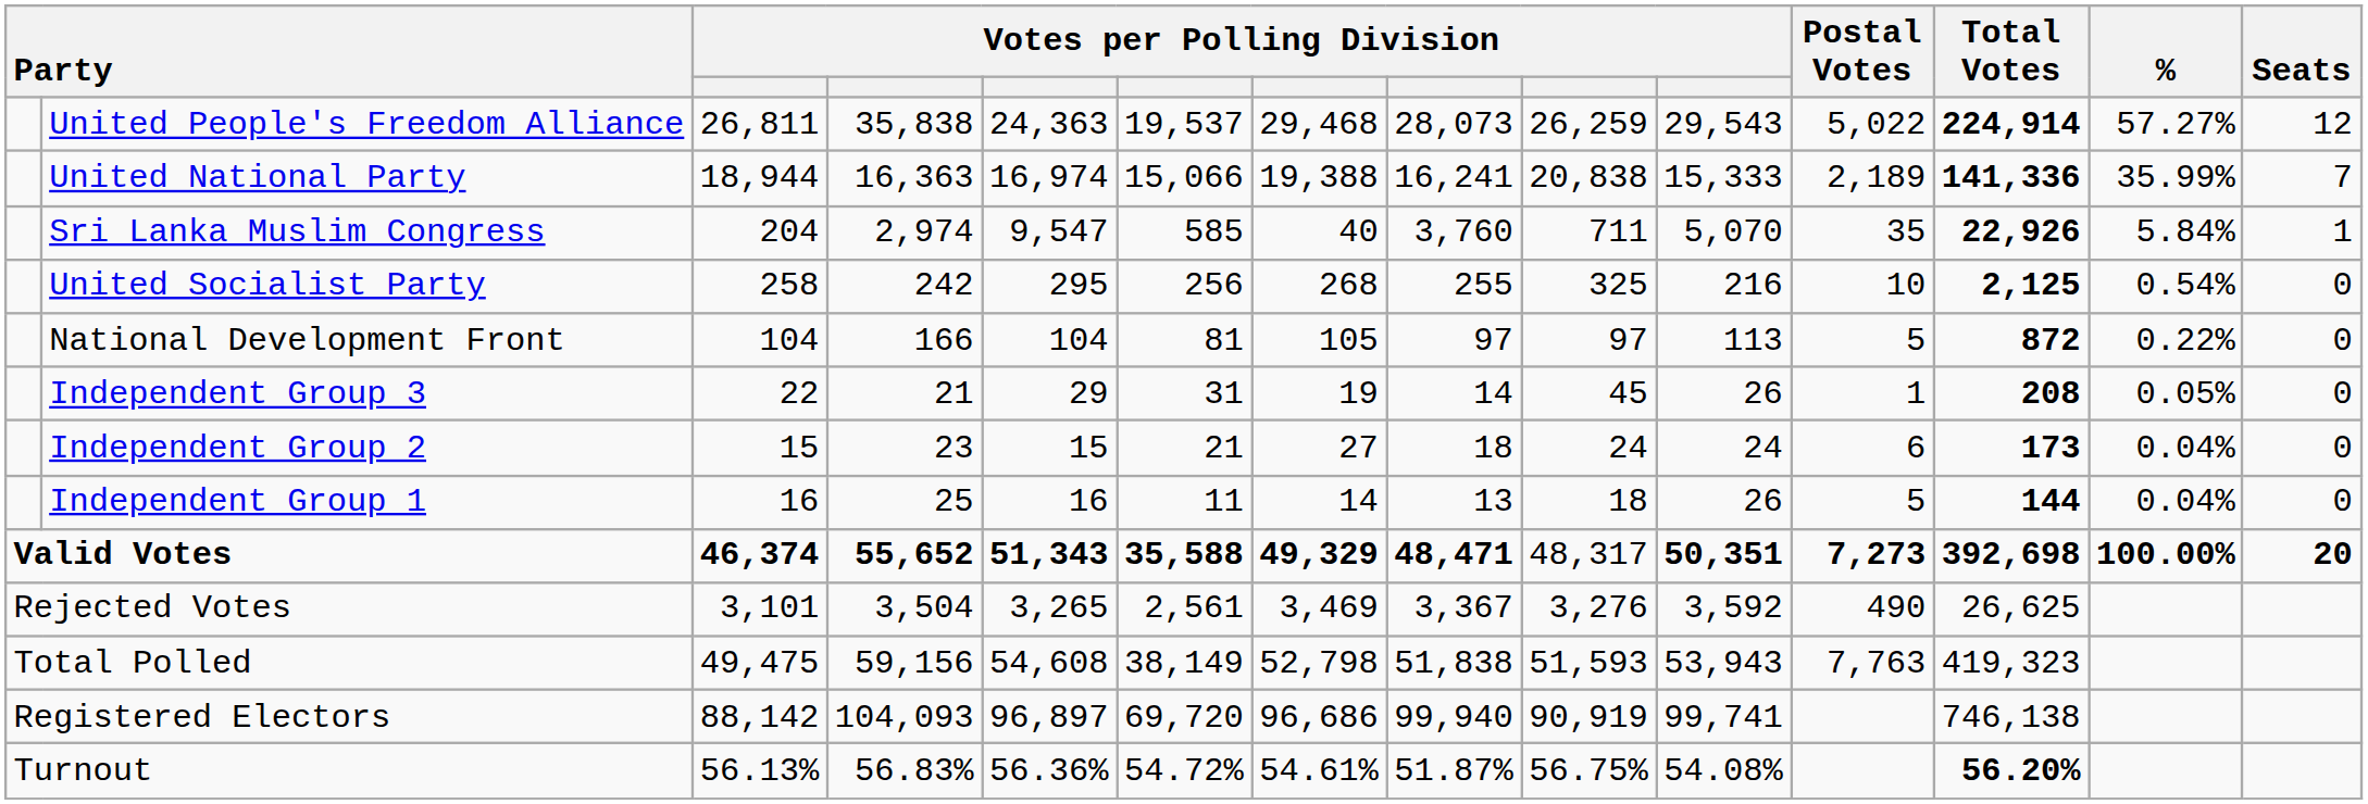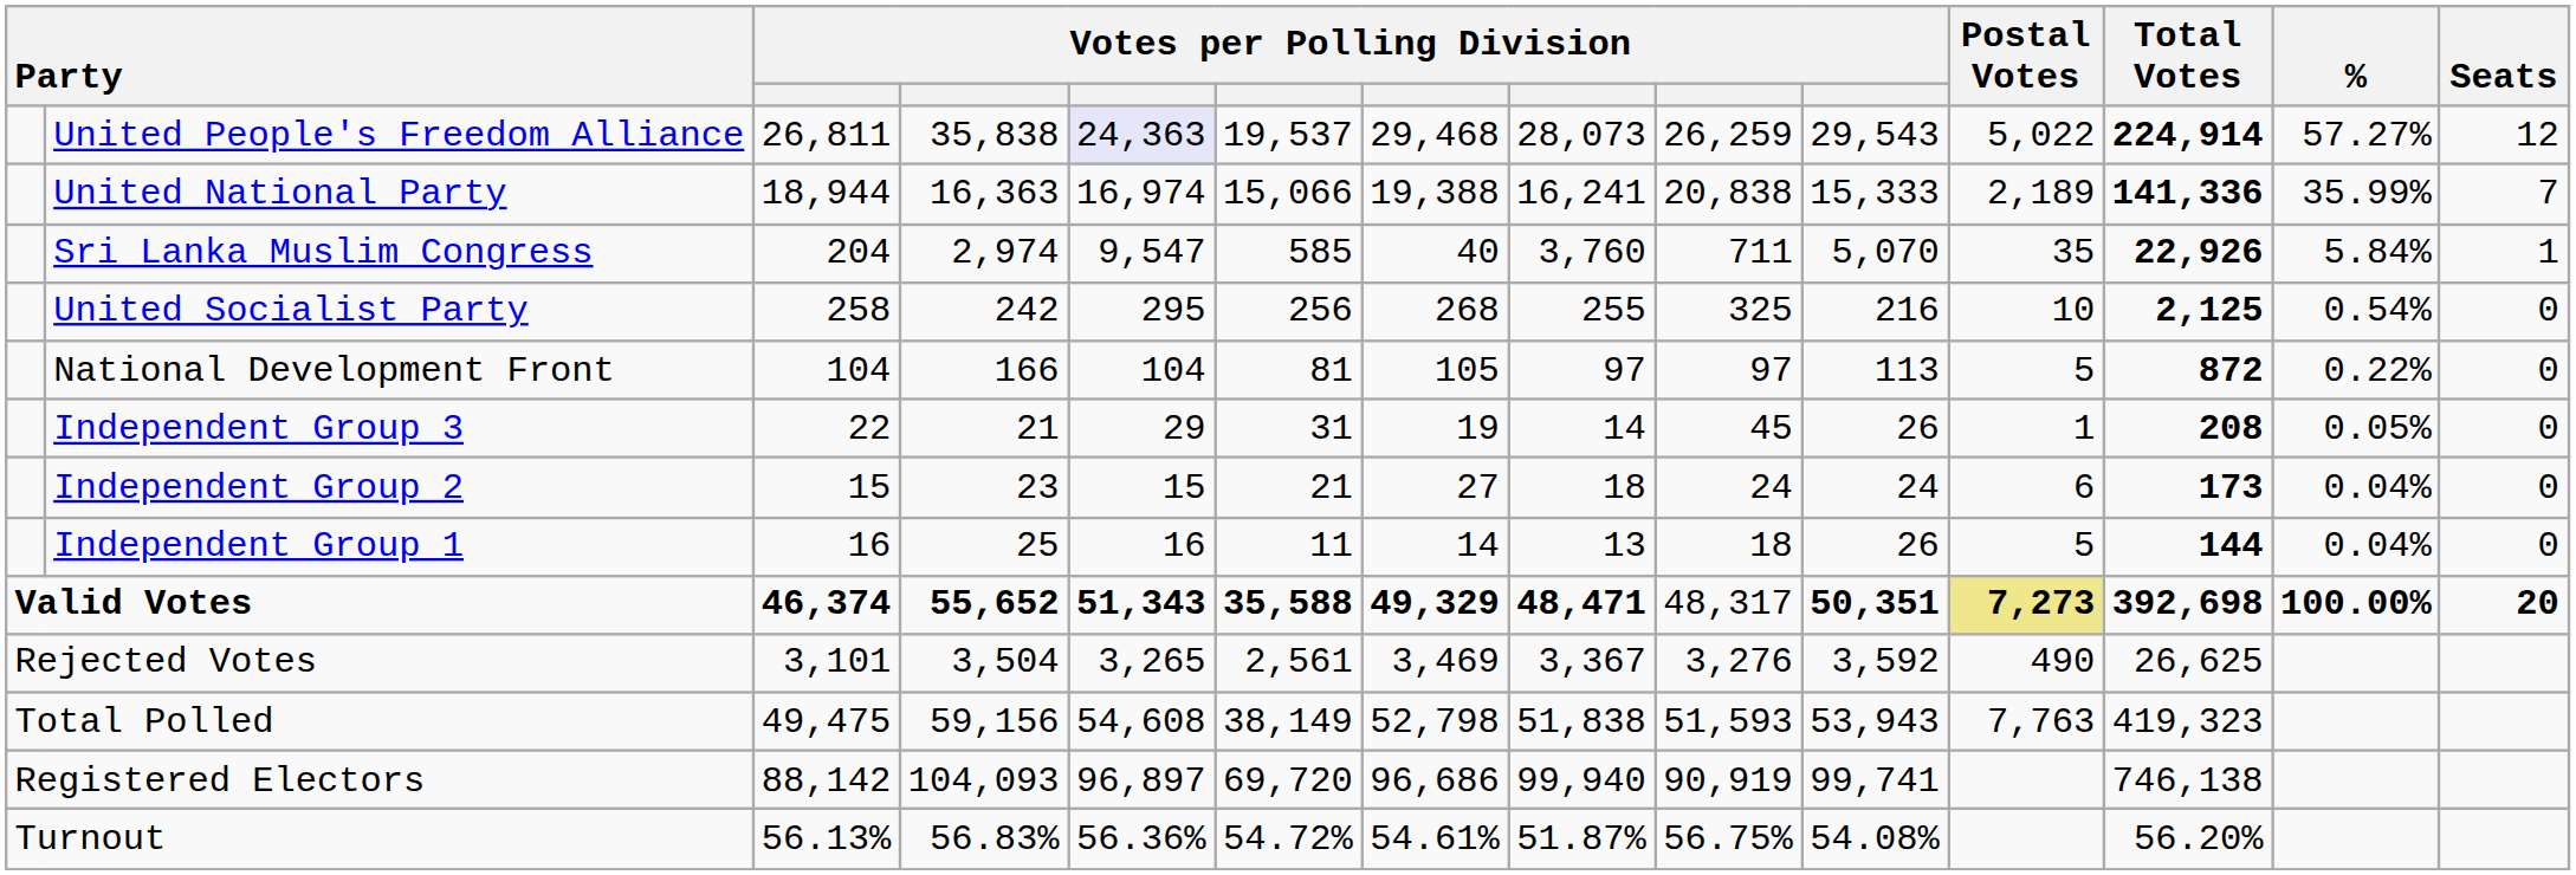 <table class="wikitable" border="1" style="text-align:right;">
 <tr>
 <th style="text-align:left; vertical-align:bottom;" rowspan="2" colspan="2">Party</th>
 <th colspan=8>Votes per Polling Division</th>
 <th rowspan="2" style="vertical-align:bottom; text-align:center; width:50px;">Postal<br>Votes</th>
 <th rowspan="2" style="vertical-align:bottom; text-align:center; width:50px;">Total Votes</th>
 <th rowspan="2" style="vertical-align:bottom; text-align:center; width:50px;">%</th>
 <th rowspan="2" style="vertical-align:bottom; text-align:center; width:40px;">Seats</th>
 </tr>
 <tr>
 <th></th>
 <th></th>
 <th></th>
 <th></th>
 <th></th>
 <th></th>
 <th></th>
 <th></th>
 </tr>
 <tr>
 <td bgcolor=> </td>
 <td align=left><a href='#'>United People's Freedom Alliance</a> </td>
 <td>26,811</td>
 <td>35,838</td>
-<td>24,363</td>
+<td style="background: lavender;">24,363</td>
 <td>19,537</td>
 <td>29,468</td>
 <td>28,073</td>
 <td>26,259</td>
 <td>29,543</td>
 <td>5,022</td>
 <td><strong>224,914</strong></td>
 <td>57.27%</td>
 <td>12</td>
 </tr>
 <tr>
 <td bgcolor=> </td>
 <td align=left><a href='#'>United National Party</a> </td>
 <td>18,944</td>
 <td>16,363</td>
 <td>16,974</td>
 <td>15,066</td>
 <td>19,388</td>
 <td>16,241</td>
 <td>20,838</td>
 <td>15,333</td>
 <td>2,189</td>
 <td><strong>141,336</strong></td>
 <td>35.99%</td>
 <td>7</td>
 </tr>
 <tr>
 <td bgcolor=> </td>
 <td align=left><a href='#'>Sri Lanka Muslim Congress</a></td>
 <td>204</td>
 <td>2,974</td>
 <td>9,547</td>
 <td>585</td>
 <td>40</td>
 <td>3,760</td>
 <td>711</td>
 <td>5,070</td>
 <td>35</td>
 <td><strong>22,926</strong></td>
 <td>5.84%</td>
 <td>1</td>
 </tr>
 <tr>
 <td bgcolor=> </td>
 <td align=left><a href='#'>United Socialist Party</a></td>
 <td>258</td>
 <td>242</td>
 <td>295</td>
 <td>256</td>
 <td>268</td>
 <td>255</td>
 <td>325</td>
 <td>216</td>
 <td>10</td>
 <td><strong>2,125</strong></td>
 <td>0.54%</td>
 <td>0</td>
 </tr>
 <tr>
 <td bgcolor=> </td>
 <td align=left>National Development Front</td>
 <td>104</td>
 <td>166</td>
 <td>104</td>
 <td>81</td>
 <td>105</td>
 <td>97</td>
 <td>97</td>
 <td>113</td>
 <td>5</td>
 <td><strong>872</strong></td>
 <td>0.22%</td>
 <td>0</td>
 </tr>
 <tr>
 <td bgcolor=> </td>
 <td align=left><a href='#'>Independent Group 3</a></td>
 <td>22</td>
 <td>21</td>
 <td>29</td>
 <td>31</td>
 <td>19</td>
 <td>14</td>
 <td>45</td>
 <td>26</td>
 <td>1</td>
 <td><strong>208</strong></td>
 <td>0.05%</td>
 <td>0</td>
 </tr>
 <tr>
 <td bgcolor=> </td>
 <td align=left><a href='#'>Independent Group 2</a></td>
 <td>15</td>
 <td>23</td>
 <td>15</td>
 <td>21</td>
 <td>27</td>
 <td>18</td>
 <td>24</td>
 <td>24</td>
 <td>6</td>
 <td><strong>173</strong></td>
 <td>0.04%</td>
 <td>0</td>
 </tr>
 <tr>
 <td bgcolor=> </td>
 <td align=left><a href='#'>Independent Group 1</a></td>
 <td>16</td>
 <td>25</td>
 <td>16</td>
 <td>11</td>
 <td>14</td>
 <td>13</td>
 <td>18</td>
 <td>26</td>
 <td>5</td>
 <td><strong>144</strong></td>
 <td>0.04%</td>
 <td>0</td>
 </tr>
 <tr>
 <td align=left colspan="2"><strong>Valid Votes</strong></td>
 <td><strong>46,374</strong></td>
 <td><strong>55,652</strong></td>
 <td><strong>51,343</strong></td>
 <td><strong>35,588</strong></td>
 <td><strong>49,329</strong></td>
 <td><strong>48,471</strong></td>
 <td>48,317</td>
 <td><strong>50,351</strong></td>
-<td><strong>7,273</strong></td>
+<td style="background: khaki;"><strong>7,273</strong></td>
 <td><strong>392,698</strong></td>
 <td><strong>100.00%</strong></td>
 <td><strong>20</strong></td>
 </tr>
 <tr>
 <td align=left colspan="2">Rejected Votes</td>
 <td>3,101</td>
 <td>3,504</td>
 <td>3,265</td>
 <td>2,561</td>
 <td>3,469</td>
 <td>3,367</td>
 <td>3,276</td>
 <td>3,592</td>
 <td>490</td>
 <td>26,625</td>
 <td></td>
 <td></td>
 </tr>
 <tr>
 <td align=left colspan="2">Total Polled</td>
 <td>49,475</td>
 <td>59,156</td>
 <td>54,608</td>
 <td>38,149</td>
 <td>52,798</td>
 <td>51,838</td>
 <td>51,593</td>
 <td>53,943</td>
 <td>7,763</td>
 <td>419,323</td>
 <td></td>
 <td></td>
 </tr>
 <tr>
 <td align=left colspan="2">Registered Electors</td>
 <td>88,142</td>
 <td>104,093</td>
 <td>96,897</td>
 <td>69,720</td>
 <td>96,686</td>
 <td>99,940</td>
 <td>90,919</td>
 <td>99,741</td>
 <td></td>
 <td>746,138</td>
 <td></td>
 <td></td>
 </tr>
 <tr>
 <td align=left colspan="2">Turnout</td>
 <td>56.13%</td>
 <td>56.83%</td>
 <td>56.36%</td>
 <td>54.72%</td>
 <td>54.61%</td>
 <td>51.87%</td>
 <td>56.75%</td>
 <td>54.08%</td>
 <td></td>
-<td><strong>56.20%</strong></td>
+<td>56.20%</td>
 <td></td>
 <td></td>
 </tr>
 </table>
